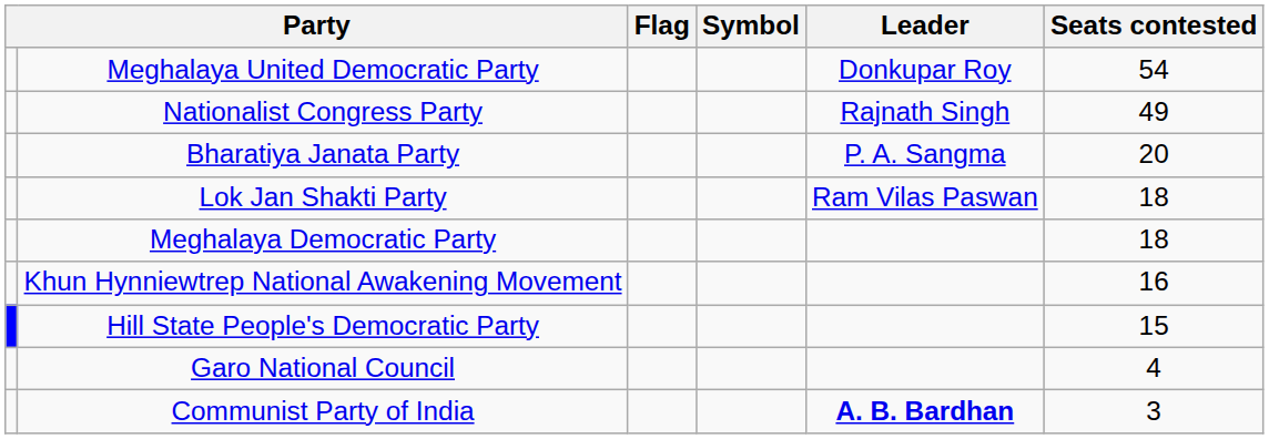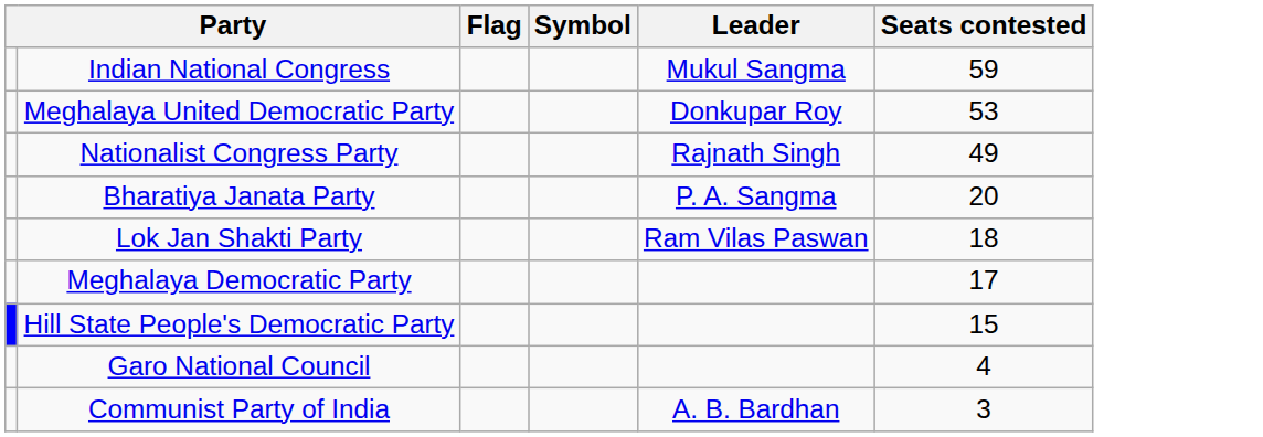 <table class="wikitable" style="text-align:center;">
 <tr>
 <th colspan="2">Party</th>
 <th>Flag</th>
 <th>Symbol</th>
 <th>Leader</th>
 <th>Seats contested</th>
 </tr>
 <tr>
 <td></td>
+<td><a href='#'>Indian National Congress</a></td>
+<td></td>
+<td></td>
+<td><a href='#'>Mukul Sangma</a></td>
+<td>59</td>
+</tr>
+<tr>
+<td></td>
 <td><a href='#'>Meghalaya United Democratic Party</a></td>
 <td></td>
 <td></td>
 <td><a href='#'>Donkupar Roy</a></td>
-<td>54</td>
+<td>53</td>
 </tr>
 <tr>
 <td></td>
 <td><a href='#'>Nationalist Congress Party</a></td>
 <td></td>
 <td></td>
 <td><a href='#'>Rajnath Singh</a></td>
 <td>49</td>
 </tr>
 <tr>
 <td></td>
 <td><a href='#'>Bharatiya Janata Party</a></td>
 <td></td>
 <td></td>
 <td><a href='#'>P. A. Sangma</a></td>
 <td>20</td>
 </tr>
 <tr>
 <td></td>
 <td><a href='#'>Lok Jan Shakti Party</a></td>
 <td></td>
 <td></td>
 <td><a href='#'>Ram Vilas Paswan</a></td>
 <td>18</td>
 </tr>
 <tr>
 <td></td>
 <td><a href='#'>Meghalaya Democratic Party</a></td>
 <td></td>
 <td></td>
 <td></td>
-<td>18</td>
-</tr>
-<tr>
-<td></td>
-<td><a href='#'>Khun Hynniewtrep National Awakening Movement</a></td>
-<td></td>
-<td></td>
-<td></td>
-<td>16</td>
+<td>17</td>
 </tr>
 <tr>
 <td style="background-color: blue;"></td>
 <td><a href='#'>Hill State People's Democratic Party</a></td>
 <td></td>
 <td></td>
 <td></td>
 <td>15</td>
 </tr>
 <tr>
 <td></td>
 <td><a href='#'>Garo National Council</a></td>
 <td></td>
 <td></td>
 <td></td>
 <td>4</td>
 </tr>
 <tr>
 <td></td>
 <td><a href='#'>Communist Party of India</a></td>
 <td></td>
 <td></td>
-<td><strong><a href='#'>A. B. Bardhan</a></strong></td>
+<td><a href='#'>A. B. Bardhan</a></td>
 <td>3</td>
 </tr>
 </table>
